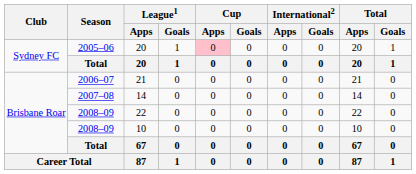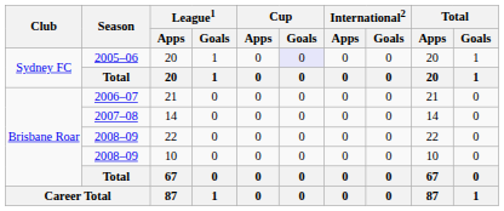 <table class="wikitable" style="text-align: center;">
 <tr>
 <th rowspan="2">Club</th>
 <th rowspan="2" width="80">Season</th>
 <th colspan="2" width="105">League<sup>1</sup></th>
 <th colspan="2" width="105">Cup</th>
 <th colspan="2" width="105">International<sup>2</sup></th>
 <th colspan="2" width="105">Total</th>
 </tr>
 <tr>
 <th>Apps</th>
 <th>Goals</th>
 <th>Apps</th>
 <th>Goals</th>
 <th>Apps</th>
 <th>Goals</th>
 <th>Apps</th>
 <th>Goals</th>
 </tr>
 <tr>
 <td rowspan="2" valign="center"><a href='#'>Sydney FC</a></td>
 <td><a href='#'>2005–06</a></td>
 <td>20</td>
 <td>1</td>
-<td style="background: pink;">0</td>
 <td>0</td>
+<td style="background: lavender;">0</td>
 <td>0</td>
 <td>0</td>
 <td>20</td>
 <td>1</td>
 </tr>
 <tr>
 <th>Total</th>
 <th>20</th>
 <th>1</th>
 <th>0</th>
 <th>0</th>
 <th>0</th>
 <th>0</th>
 <th>20</th>
 <th>1</th>
 </tr>
 <tr>
 <td rowspan="5" valign="center"><a href='#'>Brisbane Roar</a></td>
 <td><a href='#'>2006–07</a></td>
 <td>21</td>
 <td>0</td>
 <td>0</td>
 <td>0</td>
 <td>0</td>
 <td>0</td>
 <td>21</td>
 <td>0</td>
 </tr>
 <tr>
 <td><a href='#'>2007–08</a></td>
 <td>14</td>
 <td>0</td>
 <td>0</td>
 <td>0</td>
 <td>0</td>
 <td>0</td>
 <td>14</td>
 <td>0</td>
 </tr>
 <tr>
 <td><a href='#'>2008–09</a></td>
 <td>22</td>
 <td>0</td>
 <td>0</td>
 <td>0</td>
 <td>0</td>
 <td>0</td>
 <td>22</td>
 <td>0</td>
 </tr>
 <tr>
 <td><a href='#'>2008–09</a></td>
 <td>10</td>
 <td>0</td>
 <td>0</td>
 <td>0</td>
 <td>0</td>
 <td>0</td>
 <td>10</td>
 <td>0</td>
 </tr>
 <tr>
 <th>Total</th>
 <th>67</th>
 <th>0</th>
 <th>0</th>
 <th>0</th>
 <th>0</th>
 <th>0</th>
 <th>67</th>
 <th>0</th>
 </tr>
 <tr>
 <th colspan="2">Career Total</th>
 <th>87</th>
 <th>1</th>
 <th>0</th>
 <th>0</th>
 <th>0</th>
 <th>0</th>
 <th>87</th>
 <th>1</th>
 </tr>
 </table>
